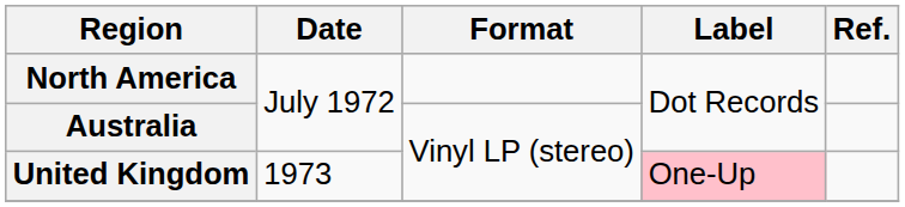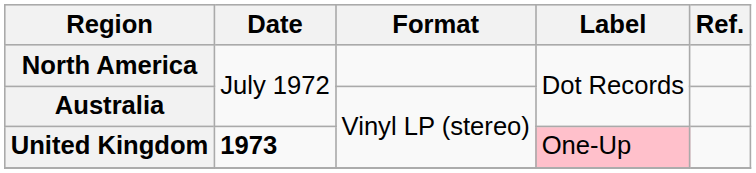 <table class="wikitable plainrowheaders">
 <tr>
 <th scope="col">Region</th>
 <th scope="col">Date</th>
 <th scope="col">Format</th>
 <th scope="col">Label</th>
 <th scope="col">Ref.</th>
 </tr>
 <tr>
 <th scope="row">North America</th>
 <td rowspan="2">July 1972</td>
 <td></td>
 <td rowspan="2">Dot Records</td>
 <td></td>
 </tr>
 <tr>
 <th scope="row">Australia</th>
 <td rowspan="2">Vinyl LP (stereo)</td>
 <td></td>
 </tr>
 <tr>
 <th scope="row">United Kingdom</th>
-<td>1973</td>
+<td><strong>1973</strong></td>
 <td style="background: pink;">One-Up</td>
 <td></td>
 </tr>
 <tr>
 </tr>
 </table>
